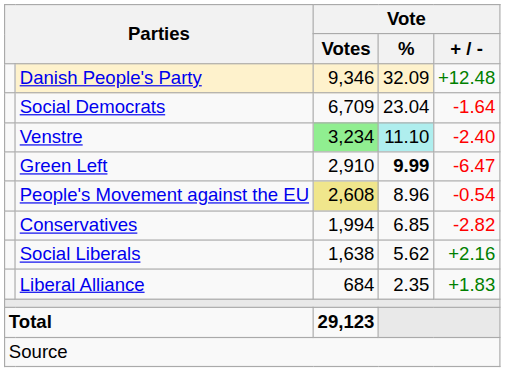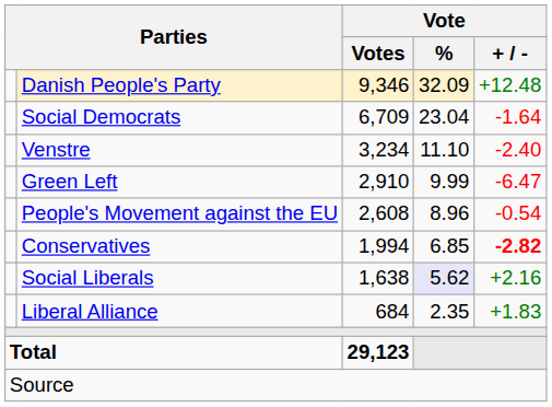 <table class="wikitable" style="text-align:right;">
 <tr>
 <th style="text-align:centre;" rowspan="2" colspan="2" width="225">Parties</th>
 <th colspan="3">Vote</th>
 </tr>
 <tr>
 <th width="15">Votes</th>
 <th width="15">%</th>
 <th width="15">+ / -</th>
 </tr>
 <tr>
 <td width="2" style="color:inherit;background:"></td>
 <td bgcolor=#fef2cc   align="left"><a href='#'>Danish People's Party</a></td>
 <td bgcolor=#fef2cc>9,346</td>
 <td bgcolor=#fef2cc>32.09</td>
 <td style=color:green;>+12.48</td>
 </tr>
 <tr>
 <td width="2" style="color:inherit;background:"></td>
 <td align="left"><a href='#'>Social Democrats</a></td>
 <td>6,709</td>
 <td>23.04</td>
 <td style=color:red;>-1.64</td>
 </tr>
 <tr>
 <td width="2" style="color:inherit;background:"></td>
 <td align="left"><a href='#'>Venstre</a></td>
-<td style="background: lightgreen;">3,234</td>
-<td style="background: paleturquoise;">11.10</td>
+<td>3,234</td>
+<td>11.10</td>
 <td style=color:red;>-2.40</td>
 </tr>
 <tr>
 <td width="2" style="color:inherit;background:"></td>
 <td align="left"><a href='#'>Green Left</a></td>
 <td>2,910</td>
-<td><strong>9.99</strong></td>
+<td>9.99</td>
 <td style=color:red;>-6.47</td>
 </tr>
 <tr>
 <td width="2" style="color:inherit;background:"></td>
 <td align="left"><a href='#'>People's Movement against the EU</a></td>
-<td style="background: khaki;">2,608</td>
+<td>2,608</td>
 <td>8.96</td>
 <td style=color:red;>-0.54</td>
 </tr>
 <tr>
 <td width="2" style="color:inherit;background:"></td>
 <td align="left"><a href='#'>Conservatives</a></td>
 <td>1,994</td>
 <td>6.85</td>
-<td style=color:red;>-2.82</td>
+<td style=color:red;><strong>-2.82</strong></td>
 </tr>
 <tr>
 <td width="2" style="color:inherit;background:"></td>
 <td align="left"><a href='#'>Social Liberals</a></td>
 <td>1,638</td>
-<td>5.62</td>
+<td style="background: lavender;">5.62</td>
 <td style=color:green;>+2.16</td>
 </tr>
 <tr>
 <td width="2" style="color:inherit;background:"></td>
 <td align="left"><a href='#'>Liberal Alliance</a></td>
 <td>684</td>
 <td>2.35</td>
 <td style=color:green;>+1.83</td>
 </tr>
 <tr>
 <td colspan="7" bgcolor="#E9E9E9"></td>
 </tr>
 <tr>
 <td align="left" colspan="2"><strong>Total</strong></td>
 <td><strong>29,123</strong></td>
 <td bgcolor="#E9E9E9" colspan="2"></td>
 </tr>
 <tr>
 <td align="left" colspan="6">Source</td>
 </tr>
 </table>
